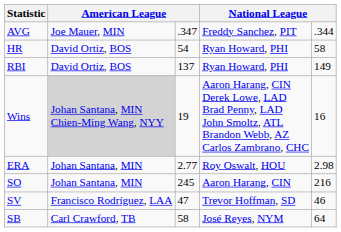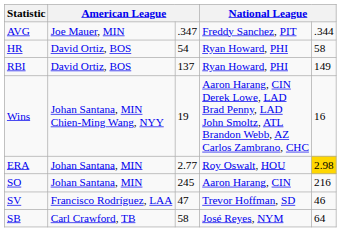 <table class="wikitable">
 <tr>
 <th>Statistic</th>
 <th colspan=2><a href='#'>American League</a></th>
 <th colspan=2><a href='#'>National League</a></th>
 </tr>
 <tr>
 <td><a href='#'>AVG</a></td>
 <td><a href='#'>Joe Mauer</a>, <a href='#'>MIN</a></td>
 <td>.347</td>
 <td><a href='#'>Freddy Sanchez</a>, <a href='#'>PIT</a></td>
 <td>.344</td>
 </tr>
 <tr>
 <td><a href='#'>HR</a></td>
 <td><a href='#'>David Ortiz</a>, <a href='#'>BOS</a></td>
 <td>54</td>
 <td><a href='#'>Ryan Howard</a>, <a href='#'>PHI</a></td>
 <td>58</td>
 </tr>
 <tr>
 <td><a href='#'>RBI</a></td>
 <td><a href='#'>David Ortiz</a>, <a href='#'>BOS</a></td>
 <td>137</td>
 <td><a href='#'>Ryan Howard</a>, <a href='#'>PHI</a></td>
 <td>149</td>
 </tr>
 <tr>
 <td><a href='#'>Wins</a></td>
-<td style="background: lightgrey;"><a href='#'>Johan Santana</a>, <a href='#'>MIN</a><br> <a href='#'>Chien-Ming Wang</a>, <a href='#'>NYY</a></td>
+<td><a href='#'>Johan Santana</a>, <a href='#'>MIN</a><br> <a href='#'>Chien-Ming Wang</a>, <a href='#'>NYY</a></td>
 <td>19</td>
 <td><a href='#'>Aaron Harang</a>, <a href='#'>CIN</a><br> <a href='#'>Derek Lowe</a>, <a href='#'>LAD</a><br> <a href='#'>Brad Penny</a>, <a href='#'>LAD</a><br> <a href='#'>John Smoltz</a>, <a href='#'>ATL</a><br> <a href='#'>Brandon Webb</a>, <a href='#'>AZ</a><br> <a href='#'>Carlos Zambrano</a>, <a href='#'>CHC</a></td>
 <td>16</td>
 </tr>
 <tr>
 <td><a href='#'>ERA</a></td>
 <td><a href='#'>Johan Santana</a>, <a href='#'>MIN</a></td>
 <td>2.77</td>
 <td><a href='#'>Roy Oswalt</a>, <a href='#'>HOU</a></td>
-<td>2.98</td>
+<td style="background: gold;">2.98</td>
 </tr>
 <tr>
 <td><a href='#'>SO</a></td>
 <td><a href='#'>Johan Santana</a>, <a href='#'>MIN</a></td>
 <td>245</td>
 <td><a href='#'>Aaron Harang</a>, <a href='#'>CIN</a></td>
 <td>216</td>
 </tr>
 <tr>
 <td><a href='#'>SV</a></td>
 <td><a href='#'>Francisco Rodríguez</a>, <a href='#'>LAA</a></td>
 <td>47</td>
 <td><a href='#'>Trevor Hoffman</a>, <a href='#'>SD</a></td>
 <td>46</td>
 </tr>
 <tr>
 <td><a href='#'>SB</a></td>
 <td><a href='#'>Carl Crawford</a>, <a href='#'>TB</a></td>
 <td>58</td>
 <td><a href='#'>José Reyes</a>, <a href='#'>NYM</a></td>
 <td>64</td>
 </tr>
 </table>
